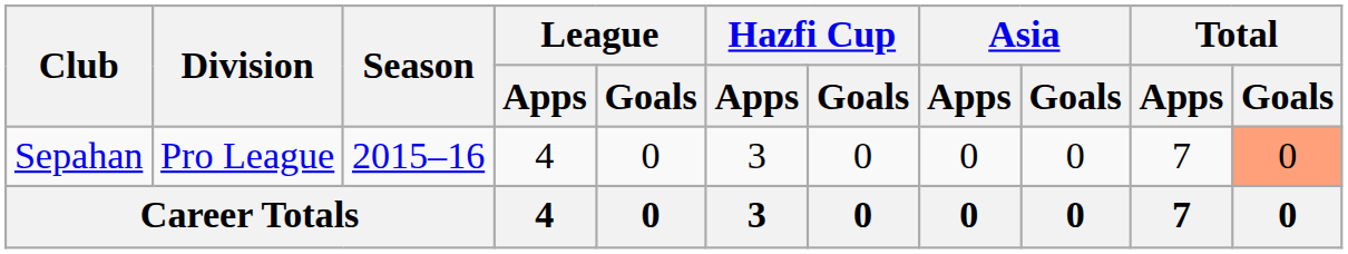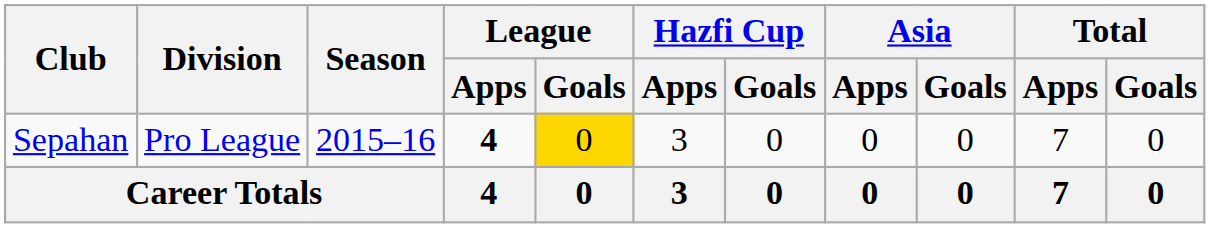 <table class="wikitable" style="text-align: center;">
 <tr>
 <th rowspan="2">Club</th>
 <th rowspan="2">Division</th>
 <th rowspan="2">Season</th>
 <th colspan="2">League</th>
 <th colspan="2"><a href='#'>Hazfi Cup</a></th>
 <th colspan="2"><a href='#'>Asia</a></th>
 <th colspan="2">Total</th>
 </tr>
 <tr>
 <th>Apps</th>
 <th>Goals</th>
 <th>Apps</th>
 <th>Goals</th>
 <th>Apps</th>
 <th>Goals</th>
 <th>Apps</th>
 <th>Goals</th>
 </tr>
 <tr>
 <td><a href='#'>Sepahan</a></td>
 <td><a href='#'>Pro League</a></td>
 <td><a href='#'>2015–16</a></td>
-<td>4</td>
-<td>0</td>
+<td><strong>4</strong></td>
+<td style="background: gold;">0</td>
 <td>3</td>
 <td>0</td>
 <td>0</td>
 <td>0</td>
 <td>7</td>
-<td style="background: lightsalmon;">0</td>
+<td>0</td>
 </tr>
 <tr>
 <th colspan=3>Career Totals</th>
 <th>4</th>
 <th>0</th>
 <th>3</th>
 <th>0</th>
 <th>0</th>
 <th>0</th>
 <th>7</th>
 <th>0</th>
 </tr>
 </table>
